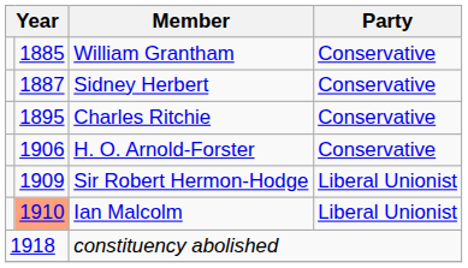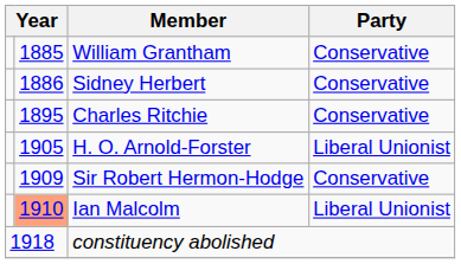 <table class="wikitable">
 <tr>
 <th colspan="2">Year</th>
 <th>Member</th>
 <th>Party</th>
 </tr>
 <tr>
 <td style="color:inherit;background-color: "></td>
 <td><a href='#'>1885</a></td>
 <td><a href='#'>William Grantham</a></td>
 <td><a href='#'>Conservative</a></td>
 </tr>
 <tr>
 <td style="color:inherit;background-color: "></td>
-<td><a href='#'>1887</a></td>
+<td><a href='#'>1886</a></td>
 <td><a href='#'>Sidney Herbert</a></td>
 <td><a href='#'>Conservative</a></td>
 </tr>
 <tr>
 <td style="color:inherit;background-color: "></td>
 <td><a href='#'>1895</a></td>
 <td><a href='#'>Charles Ritchie</a></td>
 <td><a href='#'>Conservative</a></td>
 </tr>
 <tr>
 <td style="color:inherit;background-color: "></td>
-<td><a href='#'>1906</a></td>
+<td><a href='#'>1905</a></td>
 <td><a href='#'>H. O. Arnold-Forster</a></td>
-<td><a href='#'>Conservative</a></td>
+<td><a href='#'>Liberal Unionist</a></td>
 </tr>
 <tr>
 <td style="color:inherit;background-color: "></td>
 <td><a href='#'>1909</a></td>
 <td><a href='#'>Sir Robert Hermon-Hodge</a></td>
-<td><a href='#'>Liberal Unionist</a></td>
+<td><a href='#'>Conservative</a></td>
 </tr>
 <tr>
 <td style="color:inherit;background-color: "></td>
 <td style="background: lightsalmon;"><a href='#'>1910</a></td>
 <td><a href='#'>Ian Malcolm</a></td>
 <td><a href='#'>Liberal Unionist</a></td>
 </tr>
 <tr>
 <td colspan="2"><a href='#'>1918</a></td>
 <td colspan="2"><em>constituency abolished</em></td>
 </tr>
 <tr>
 </tr>
 </table>
